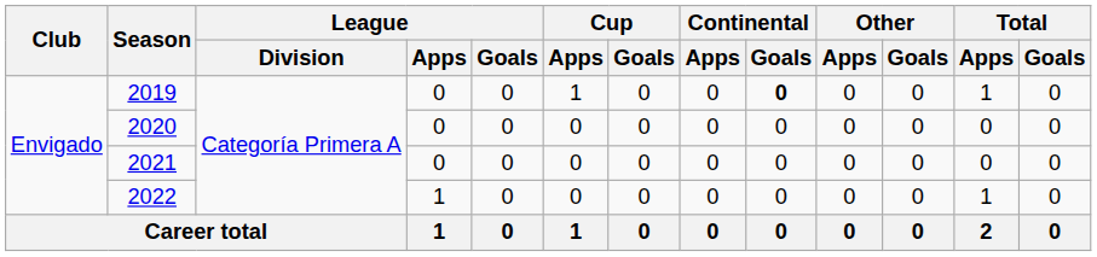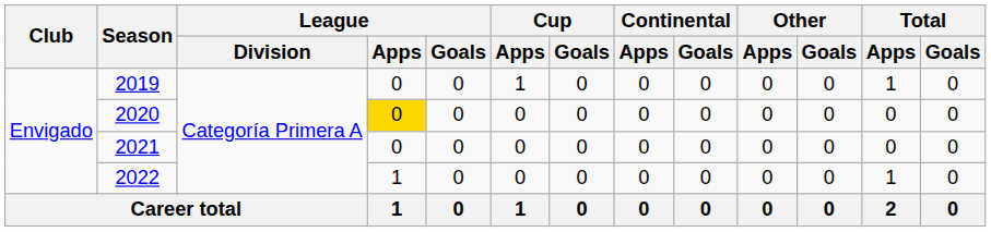 <table class="wikitable" style="text-align: center">
 <tr>
 <th rowspan="2">Club</th>
 <th rowspan="2">Season</th>
 <th colspan="3">League</th>
 <th colspan="2">Cup</th>
 <th colspan="2">Continental</th>
 <th colspan="2">Other</th>
 <th colspan="2">Total</th>
 </tr>
 <tr>
 <th>Division</th>
 <th>Apps</th>
 <th>Goals</th>
 <th>Apps</th>
 <th>Goals</th>
 <th>Apps</th>
 <th>Goals</th>
 <th>Apps</th>
 <th>Goals</th>
 <th>Apps</th>
 <th>Goals</th>
 </tr>
 <tr>
 <td rowspan="4"><a href='#'>Envigado</a></td>
 <td><a href='#'>2019</a></td>
 <td rowspan="4"><a href='#'>Categoría Primera A</a></td>
 <td>0</td>
 <td>0</td>
 <td>1</td>
 <td>0</td>
 <td>0</td>
-<td><strong>0</strong></td>
+<td>0</td>
 <td>0</td>
 <td>0</td>
 <td>1</td>
 <td>0</td>
 </tr>
 <tr>
 <td><a href='#'>2020</a></td>
-<td>0</td>
+<td style="background: gold;">0</td>
 <td>0</td>
 <td>0</td>
 <td>0</td>
 <td>0</td>
 <td>0</td>
 <td>0</td>
 <td>0</td>
 <td>0</td>
 <td>0</td>
 </tr>
 <tr>
 <td><a href='#'>2021</a></td>
 <td>0</td>
 <td>0</td>
 <td>0</td>
 <td>0</td>
 <td>0</td>
 <td>0</td>
 <td>0</td>
 <td>0</td>
 <td>0</td>
 <td>0</td>
 </tr>
 <tr>
 <td><a href='#'>2022</a></td>
 <td>1</td>
 <td>0</td>
 <td>0</td>
 <td>0</td>
 <td>0</td>
 <td>0</td>
 <td>0</td>
 <td>0</td>
 <td>1</td>
 <td>0</td>
 </tr>
 <tr>
 <th colspan="3"><strong>Career total</strong></th>
 <th>1</th>
 <th>0</th>
 <th>1</th>
 <th>0</th>
 <th>0</th>
 <th>0</th>
 <th>0</th>
 <th>0</th>
 <th>2</th>
 <th>0</th>
 </tr>
 </table>
